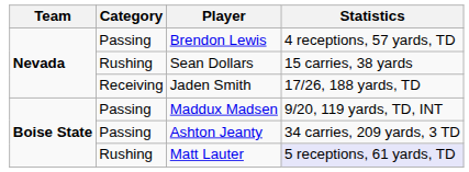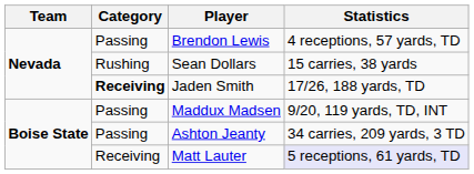 <table class="wikitable" style="float: right;">
 <tr>
 <th>Team</th>
 <th>Category</th>
 <th>Player</th>
 <th>Statistics</th>
 </tr>
 <tr>
 <td rowspan=3><strong>Nevada</strong></td>
 <td>Passing</td>
 <td><a href='#'>Brendon Lewis</a></td>
 <td>4 receptions, 57 yards, TD</td>
 </tr>
 <tr>
 <td>Rushing</td>
 <td>Sean Dollars</td>
 <td>15 carries, 38 yards</td>
 </tr>
 <tr>
-<td>Receiving</td>
+<td><strong>Receiving</strong></td>
 <td>Jaden Smith</td>
 <td>17/26, 188 yards, TD</td>
 </tr>
 <tr>
 <td rowspan=3><strong>Boise State</strong></td>
 <td>Passing</td>
 <td><a href='#'>Maddux Madsen</a></td>
 <td>9/20, 119 yards, TD, INT</td>
 </tr>
 <tr>
 <td>Passing</td>
 <td><a href='#'>Ashton Jeanty</a></td>
 <td>34 carries, 209 yards, 3 TD</td>
 </tr>
 <tr>
-<td>Rushing</td>
+<td>Receiving</td>
 <td><a href='#'>Matt Lauter</a></td>
 <td style="background: lavender;">5 receptions, 61 yards, TD</td>
 </tr>
 </table>
